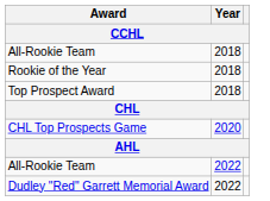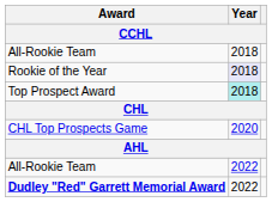 <table class="wikitable">
 <tr>
 <th>Award</th>
 <th>Year</th>
 <th></th>
 </tr>
 <tr ALIGN="center" bgcolor="#e0e0e0">
 <th colspan="3"><a href='#'>CCHL</a></th>
 </tr>
 <tr>
 <td>All-Rookie Team</td>
 <td>2018</td>
 <td></td>
 </tr>
 <tr>
 <td>Rookie of the Year</td>
-<td>2018</td>
+<td style="background: lavender;">2018</td>
 <td></td>
 </tr>
 <tr>
 <td>Top Prospect Award</td>
-<td>2018</td>
+<td style="background: paleturquoise;">2018</td>
 <td></td>
 </tr>
 <tr ALIGN="center" bgcolor="#e0e0e0">
 <th colspan="3"><a href='#'>CHL</a></th>
 </tr>
 <tr>
 <td><a href='#'>CHL Top Prospects Game</a></td>
 <td><a href='#'>2020</a></td>
 <td></td>
 </tr>
 <tr ALIGN="center" bgcolor="#e0e0e0">
 <th colspan="3"><a href='#'>AHL</a></th>
 </tr>
 <tr>
 <td>All-Rookie Team</td>
 <td><a href='#'>2022</a></td>
 <td></td>
 </tr>
 <tr>
-<td><a href='#'>Dudley "Red" Garrett Memorial Award</a></td>
+<td><strong><a href='#'>Dudley "Red" Garrett Memorial Award</a></strong></td>
 <td>2022</td>
 <td></td>
 </tr>
 </table>
